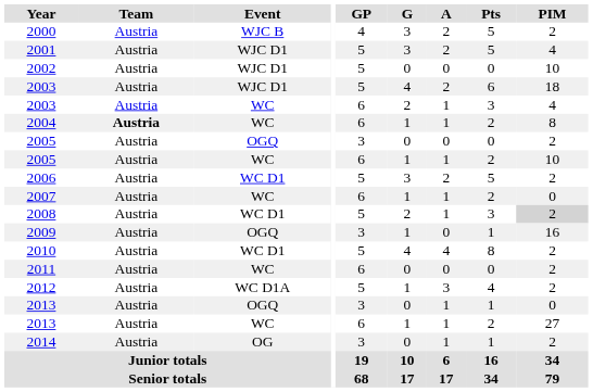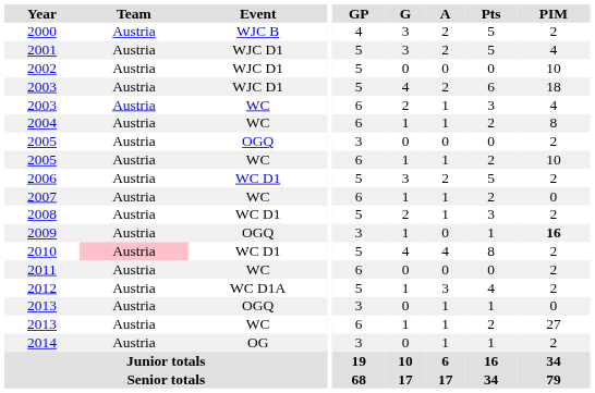 <table border="0" cellpadding="1" cellspacing="0" ID="Table3" style="text-align:center; width:40em">
 <tr ALIGN="center" bgcolor="#e0e0e0">
 <th>Year</th>
 <th>Team</th>
 <th>Event</th>
 <th rowspan="102" bgcolor="#ffffff"></th>
 <th>GP</th>
 <th>G</th>
 <th>A</th>
 <th>Pts</th>
 <th>PIM</th>
 </tr>
 <tr>
 <td><a href='#'>2000</a></td>
 <td><a href='#'>Austria</a></td>
 <td><a href='#'>WJC B</a></td>
 <td>4</td>
 <td>3</td>
 <td>2</td>
 <td>5</td>
 <td>2</td>
 </tr>
 <tr bgcolor="#f0f0f0">
 <td><a href='#'>2001</a></td>
 <td>Austria</td>
 <td>WJC D1</td>
 <td>5</td>
 <td>3</td>
 <td>2</td>
 <td>5</td>
 <td>4</td>
 </tr>
 <tr>
 <td><a href='#'>2002</a></td>
 <td>Austria</td>
 <td>WJC D1</td>
 <td>5</td>
 <td>0</td>
 <td>0</td>
 <td>0</td>
 <td>10</td>
 </tr>
 <tr bgcolor="#f0f0f0">
 <td><a href='#'>2003</a></td>
 <td>Austria</td>
 <td>WJC D1</td>
 <td>5</td>
 <td>4</td>
 <td>2</td>
 <td>6</td>
 <td>18</td>
 </tr>
 <tr>
 <td><a href='#'>2003</a></td>
 <td><a href='#'>Austria</a></td>
 <td><a href='#'>WC</a></td>
 <td>6</td>
 <td>2</td>
 <td>1</td>
 <td>3</td>
 <td>4</td>
 </tr>
 <tr bgcolor="#f0f0f0">
 <td><a href='#'>2004</a></td>
-<td><strong>Austria</strong></td>
+<td>Austria</td>
 <td>WC</td>
 <td>6</td>
 <td>1</td>
 <td>1</td>
 <td>2</td>
 <td>8</td>
 </tr>
 <tr>
 <td><a href='#'>2005</a></td>
 <td>Austria</td>
 <td><a href='#'>OGQ</a></td>
 <td>3</td>
 <td>0</td>
 <td>0</td>
 <td>0</td>
 <td>2</td>
 </tr>
 <tr bgcolor="#f0f0f0">
 <td><a href='#'>2005</a></td>
 <td>Austria</td>
 <td>WC</td>
 <td>6</td>
 <td>1</td>
 <td>1</td>
 <td>2</td>
 <td>10</td>
 </tr>
 <tr>
 <td><a href='#'>2006</a></td>
 <td>Austria</td>
 <td><a href='#'>WC D1</a></td>
 <td>5</td>
 <td>3</td>
 <td>2</td>
 <td>5</td>
 <td>2</td>
 </tr>
 <tr bgcolor="#f0f0f0">
 <td><a href='#'>2007</a></td>
 <td>Austria</td>
 <td>WC</td>
 <td>6</td>
 <td>1</td>
 <td>1</td>
 <td>2</td>
 <td>0</td>
 </tr>
 <tr>
 <td><a href='#'>2008</a></td>
 <td>Austria</td>
 <td>WC D1</td>
 <td>5</td>
 <td>2</td>
 <td>1</td>
 <td>3</td>
-<td style="background: lightgrey;">2</td>
+<td>2</td>
 </tr>
 <tr bgcolor="#f0f0f0">
 <td><a href='#'>2009</a></td>
 <td>Austria</td>
 <td>OGQ</td>
 <td>3</td>
 <td>1</td>
 <td>0</td>
 <td>1</td>
-<td>16</td>
+<td><strong>16</strong></td>
 </tr>
 <tr>
 <td><a href='#'>2010</a></td>
-<td>Austria</td>
+<td style="background: pink;">Austria</td>
 <td>WC D1</td>
 <td>5</td>
 <td>4</td>
 <td>4</td>
 <td>8</td>
 <td>2</td>
 </tr>
 <tr bgcolor="#f0f0f0">
 <td><a href='#'>2011</a></td>
 <td>Austria</td>
 <td>WC</td>
 <td>6</td>
 <td>0</td>
 <td>0</td>
 <td>0</td>
 <td>2</td>
 </tr>
 <tr>
 <td><a href='#'>2012</a></td>
 <td>Austria</td>
 <td>WC D1A</td>
 <td>5</td>
 <td>1</td>
 <td>3</td>
 <td>4</td>
 <td>2</td>
 </tr>
 <tr bgcolor="#f0f0f0">
 <td><a href='#'>2013</a></td>
 <td>Austria</td>
 <td>OGQ</td>
 <td>3</td>
 <td>0</td>
 <td>1</td>
 <td>1</td>
 <td>0</td>
 </tr>
 <tr>
 <td><a href='#'>2013</a></td>
 <td>Austria</td>
 <td>WC</td>
 <td>6</td>
 <td>1</td>
 <td>1</td>
 <td>2</td>
 <td>27</td>
 </tr>
 <tr bgcolor="#f0f0f0">
 <td><a href='#'>2014</a></td>
 <td>Austria</td>
 <td>OG</td>
 <td>3</td>
 <td>0</td>
 <td>1</td>
 <td>1</td>
 <td>2</td>
 </tr>
 <tr bgcolor="#e0e0e0">
 <th colspan=3>Junior totals</th>
 <th>19</th>
 <th>10</th>
 <th>6</th>
 <th>16</th>
 <th>34</th>
 </tr>
 <tr bgcolor="#e0e0e0">
 <th colspan=3>Senior totals</th>
 <th>68</th>
 <th>17</th>
 <th>17</th>
 <th>34</th>
 <th>79</th>
 </tr>
 </table>
